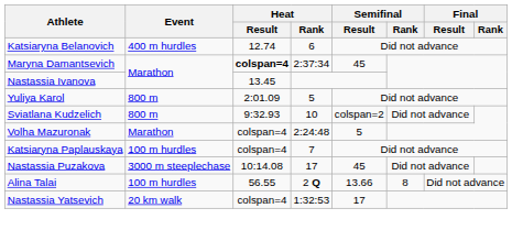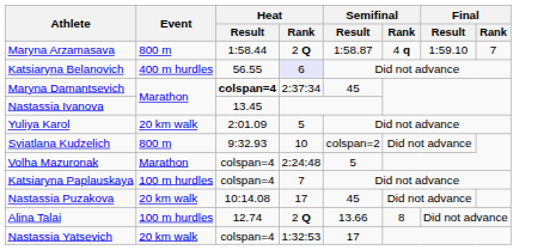 <table class="wikitable" style="font-size:90%">
 <tr>
 <th rowspan="2">Athlete</th>
 <th rowspan="2">Event</th>
 <th colspan="2">Heat</th>
 <th colspan="2">Semifinal</th>
 <th colspan="2">Final</th>
 </tr>
 <tr style="font-size:95%">
 <th>Result</th>
 <th>Rank</th>
 <th>Result</th>
 <th>Rank</th>
 <th>Result</th>
 <th>Rank</th>
 </tr>
 <tr align=center>
+<td align=left><a href='#'>Maryna Arzamasava</a></td>
+<td align=left><a href='#'>800 m</a></td>
+<td>1:58.44</td>
+<td>2 <strong>Q</strong></td>
+<td>1:58.87</td>
+<td>4 <strong>q</strong></td>
+<td>1:59.10</td>
+<td>7</td>
+</tr>
+<tr align=center>
 <td align=left><a href='#'>Katsiaryna Belanovich</a></td>
 <td align=left><a href='#'>400 m hurdles</a></td>
-<td>12.74</td>
-<td>6</td>
+<td>56.55</td>
+<td style="background: lavender;">6</td>
 <td colspan=4>Did not advance</td>
 </tr>
 <tr align=center>
 <td align=left><a href='#'>Maryna Damantsevich</a></td>
 <td align=left rowspan=2><a href='#'>Marathon</a></td>
 <td><strong>colspan=4 </strong></td>
 <td>2:37:34</td>
 <td>45</td>
 </tr>
 <tr align=center>
 <td align=left><a href='#'>Nastassia Ivanova</a></td>
 <td>13.45</td>
 <td colspan=2></td>
 </tr>
 <tr align=center>
 <td align=left><a href='#'>Yuliya Karol</a></td>
-<td align=left><a href='#'>800 m</a></td>
+<td align=left><a href='#'>20 km walk</a></td>
 <td>2:01.09</td>
 <td>5</td>
 <td colspan=4>Did not advance</td>
 </tr>
 <tr align=center>
 <td align=left><a href='#'>Sviatlana Kudzelich</a></td>
 <td align=left><a href='#'>800 m</a></td>
 <td>9:32.93</td>
 <td>10</td>
 <td>colspan=2 </td>
 <td colspan=2>Did not advance</td>
 </tr>
 <tr align=center>
 <td align=left><a href='#'>Volha Mazuronak</a></td>
 <td align=left><a href='#'>Marathon</a></td>
 <td>colspan=4 </td>
 <td>2:24:48</td>
 <td>5</td>
 </tr>
 <tr align=center>
 <td align=left><a href='#'>Katsiaryna Paplauskaya</a></td>
 <td align=left><a href='#'>100 m hurdles</a></td>
 <td>colspan=4 </td>
 <td>7</td>
 <td colspan=4>Did not advance</td>
 </tr>
 <tr align=center>
 <td align=left><a href='#'>Nastassia Puzakova</a></td>
-<td align=left><a href='#'>3000 m steeplechase</a></td>
+<td align=left><a href='#'>20 km walk</a></td>
 <td>10:14.08</td>
 <td>17</td>
 <td>45</td>
 <td colspan=2>Did not advance</td>
 </tr>
 <tr align=center>
 <td align=left><a href='#'>Alina Talai</a></td>
 <td align=left><a href='#'>100 m hurdles</a></td>
-<td>56.55</td>
+<td>12.74</td>
 <td>2 <strong>Q</strong></td>
 <td>13.66</td>
 <td>8</td>
 <td colspan=2>Did not advance</td>
 </tr>
 <tr align=center>
 <td align=left><a href='#'>Nastassia Yatsevich</a></td>
 <td align=left><a href='#'>20 km walk</a></td>
 <td>colspan=4 </td>
 <td>1:32:53</td>
 <td>17</td>
 </tr>
 </table>
